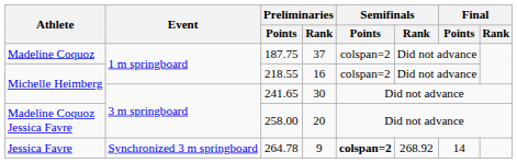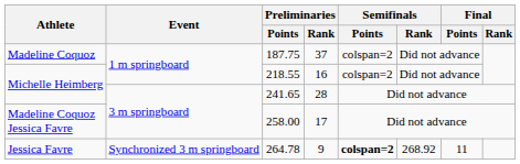 <table class=wikitable style="font-size:90%;">
 <tr>
 <th rowspan="2">Athlete</th>
 <th rowspan="2">Event</th>
 <th colspan="2">Preliminaries</th>
 <th colspan="2">Semifinals</th>
 <th colspan="2">Final</th>
 </tr>
 <tr style="font-size:95%">
 <th>Points</th>
 <th>Rank</th>
 <th>Points</th>
 <th>Rank</th>
 <th>Points</th>
 <th>Rank</th>
 </tr>
 <tr align=center>
 <td align=left><a href='#'>Madeline Coquoz</a></td>
 <td align=left rowspan=2><a href='#'>1 m springboard</a></td>
 <td>187.75</td>
 <td>37</td>
 <td>colspan=2 </td>
 <td colspan=2>Did not advance</td>
 </tr>
 <tr align=center>
 <td align=left rowspan=2><a href='#'>Michelle Heimberg</a></td>
 <td>218.55</td>
 <td>16</td>
 <td>colspan=2 </td>
 <td colspan=2>Did not advance</td>
 </tr>
 <tr align=center>
 <td align=left rowspan=2><a href='#'>3 m springboard</a></td>
 <td>241.65</td>
-<td>30</td>
+<td>28</td>
 <td colspan=4>Did not advance</td>
 </tr>
 <tr align=center>
 <td align=left><a href='#'>Madeline Coquoz</a><br><a href='#'>Jessica Favre</a></td>
 <td>258.00</td>
-<td>20</td>
+<td>17</td>
 <td colspan=4>Did not advance</td>
 </tr>
 <tr align=center>
 <td align=left><a href='#'>Jessica Favre</a></td>
 <td align=left><a href='#'>Synchronized 3 m springboard</a></td>
 <td>264.78</td>
 <td>9</td>
 <td><strong>colspan=2 </strong></td>
 <td>268.92</td>
-<td>14</td>
+<td>11</td>
 </tr>
 </table>
